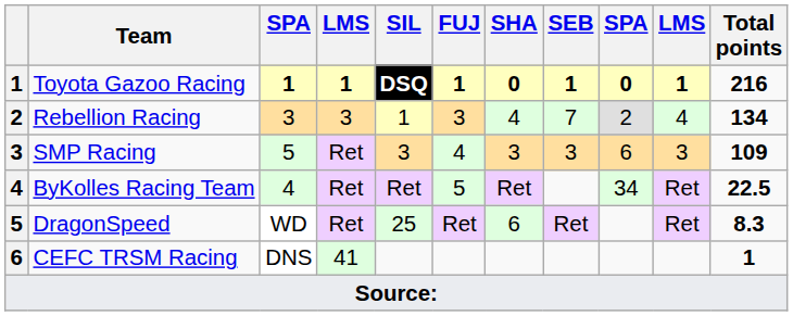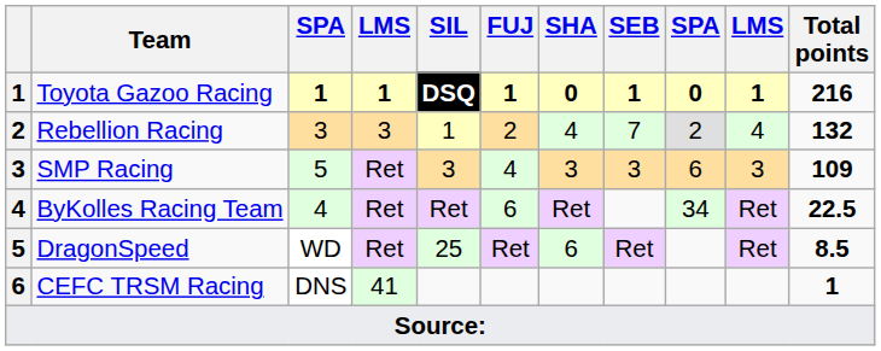 <table class="wikitable" style="font-size: 90%; text-align:center;">
 <tr valign="top">
 <th valign=middle></th>
 <th valign=middle>Team</th>
 <th><a href='#'>SPA</a><br></th>
 <th><a href='#'>LMS</a><br></th>
 <th><a href='#'>SIL</a><br></th>
 <th><a href='#'>FUJ</a><br></th>
 <th><a href='#'>SHA</a><br></th>
 <th><a href='#'>SEB</a><br></th>
 <th><a href='#'>SPA</a><br></th>
 <th><a href='#'>LMS</a><br></th>
 <th valign=middle>Total<br>points</th>
 </tr>
 <tr>
 <th>1</th>
 <td align=left> <a href='#'>Toyota Gazoo Racing</a></td>
 <td style="background:#FFFFBF;"><strong>1</strong></td>
 <td style="background:#FFFFBF;"><strong>1</strong></td>
 <td style="background-color:#000000; color:#FFFFFF;"><strong>DSQ</strong></td>
 <td style="background:#FFFFBF;"><strong>1</strong></td>
 <td style="background:#FFFFBF;"><strong>0</strong></td>
 <td style="background:#FFFFBF;"><strong>1</strong></td>
 <td style="background:#FFFFBF;"><strong>0</strong></td>
 <td style="background:#FFFFBF;"><strong>1</strong></td>
 <td><strong>216</strong></td>
 </tr>
 <tr>
 <th>2</th>
 <td align=left> <a href='#'>Rebellion Racing</a></td>
 <td style="background:#FFDF9F;">3</td>
 <td style="background:#FFDF9F;">3</td>
 <td style="background:#FFFFBF;">1</td>
-<td style="background:#FFDF9F;">3</td>
+<td style="background:#FFDF9F;">2</td>
 <td style="background:#DFFFDF;">4</td>
 <td style="background:#DFFFDF;">7</td>
 <td style="background:#DFDFDF;">2</td>
 <td style="background:#DFFFDF;">4</td>
-<td><strong>134</strong></td>
+<td><strong>132</strong></td>
 </tr>
 <tr>
 <th>3</th>
 <td align=left> <a href='#'>SMP Racing</a></td>
 <td style="background:#DFFFDF;">5</td>
 <td style="background:#EFCFFF;">Ret</td>
 <td style="background:#FFDF9F;'">3</td>
 <td style="background:#DFFFDF;">4</td>
 <td style="background:#FFDF9F;">3</td>
 <td style="background:#FFDF9F;">3</td>
 <td style="background:#FFDF9F;'">6</td>
 <td style="background:#FFDF9F;'">3</td>
 <td><strong>109</strong></td>
 </tr>
 <tr>
 <th>4</th>
 <td align=left> <a href='#'>ByKolles Racing Team</a></td>
 <td style="background:#DFFFDF;">4</td>
 <td style="background:#EFCFFF;">Ret</td>
 <td style="background:#EFCFFF;">Ret</td>
-<td style="background:#DFFFDF;">5</td>
+<td style="background:#DFFFDF;">6</td>
 <td style="background:#EFCFFF;">Ret</td>
 <td></td>
 <td style="background:#DFFFDF;">34</td>
 <td style="background:#EFCFFF;">Ret</td>
 <td><strong>22.5</strong></td>
 </tr>
 <tr>
 <th>5</th>
 <td align=left> <a href='#'>DragonSpeed</a></td>
 <td style="background:#FFFFFF;">WD</td>
 <td style="background:#EFCFFF;">Ret</td>
 <td style="background:#DFFFDF;">25</td>
 <td style="background:#EFCFFF;">Ret</td>
 <td style="background:#DFFFDF;">6</td>
 <td style="background:#EFCFFF;">Ret</td>
 <td></td>
 <td style="background:#EFCFFF;">Ret</td>
-<td><strong>8.3</strong></td>
+<td><strong>8.5</strong></td>
 </tr>
 <tr>
 <th>6</th>
 <td align=left> <a href='#'>CEFC TRSM Racing</a></td>
 <td style="background:#FFFFFF;">DNS</td>
 <td style="background:#DFFFDF;">41</td>
 <td></td>
 <td></td>
 <td></td>
 <td></td>
 <td></td>
 <td></td>
 <td><strong>1</strong></td>
 </tr>
 <tr class="sortbottom">
 <td colspan="11" style="background-color:#EAECF0;text-align:center"><strong>Source:</strong></td>
 </tr>
 </table>
